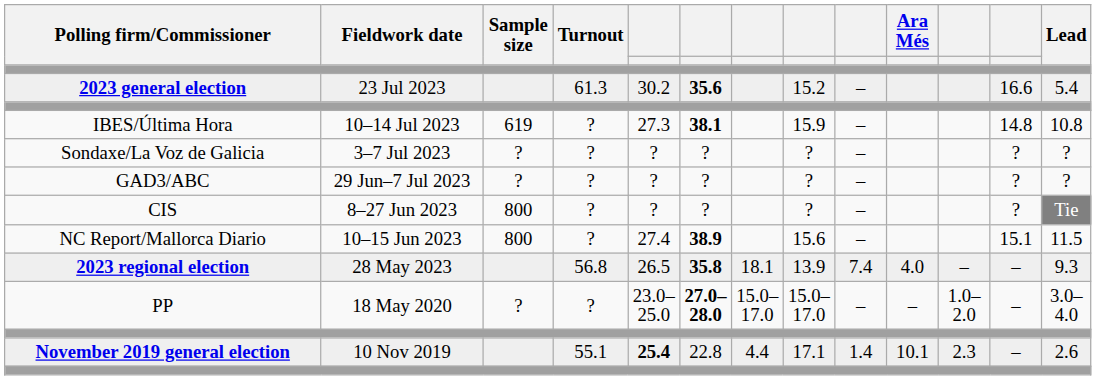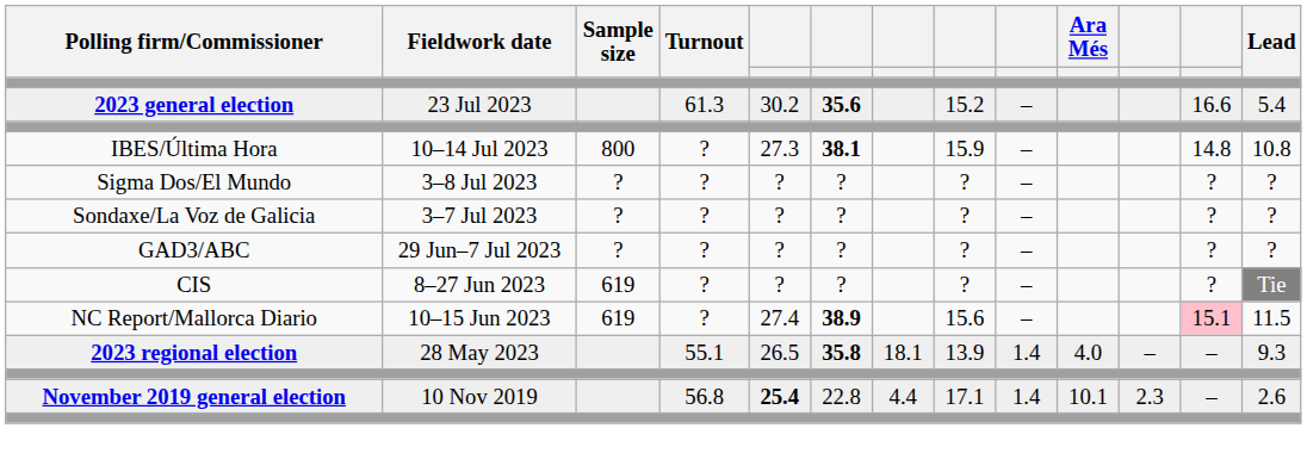 <table class="wikitable collapsible collapsed" style="text-align:center; font-size:95%; line-height:16px;">
 <tr style="height:42px;">
 <th style="width:250px;" rowspan="2">Polling firm/Commissioner</th>
 <th style="width:125px;" rowspan="2">Fieldwork date</th>
 <th style="width:50px;" rowspan="2">Sample size</th>
 <th style="width:45px;" rowspan="2">Turnout</th>
 <th style="width:35px;"></th>
 <th style="width:35px;"></th>
 <th style="width:35px;"></th>
 <th style="width:35px;"></th>
 <th style="width:35px;"></th>
 <th style="width:35px;"><a href='#'>Ara<br>Més</a></th>
 <th style="width:35px;"></th>
 <th style="width:35px;"></th>
 <th style="width:30px;" rowspan="2">Lead</th>
 </tr>
 <tr>
 <th style="color:inherit;background:"></th>
 <th style="color:inherit;background:"></th>
 <th style="color:inherit;background:"></th>
 <th style="color:inherit;background:"></th>
 <th style="color:inherit;background:"></th>
 <th style="color:inherit;background:"></th>
 <th style="color:inherit;background:"></th>
 <th style="color:inherit;background:"></th>
 </tr>
 <tr>
 <td colspan="13" style="background:#A0A0A0"></td>
 </tr>
 <tr style="background:#EFEFEF;">
 <td><strong><a href='#'>2023 general election</a></strong></td>
 <td>23 Jul 2023</td>
 <td></td>
 <td>61.3</td>
 <td>30.2<br></td>
 <td><strong>35.6</strong><br></td>
 <td></td>
 <td>15.2<br></td>
 <td>–</td>
 <td></td>
 <td></td>
 <td>16.6<br></td>
 <td style="background:">5.4</td>
 </tr>
 <tr>
 <td colspan="13" style="background:#A0A0A0"></td>
 </tr>
 <tr>
 <td>IBES/Última Hora</td>
 <td>10–14 Jul 2023</td>
-<td>619</td>
+<td>800</td>
 <td>?</td>
 <td>27.3<br></td>
 <td><strong>38.1</strong><br></td>
 <td></td>
 <td>15.9<br></td>
 <td>–</td>
 <td></td>
 <td></td>
 <td>14.8<br></td>
 <td style="background:">10.8</td>
+</tr>
+<tr>
+<td>Sigma Dos/El Mundo</td>
+<td>3–8 Jul 2023</td>
+<td>?</td>
+<td>?</td>
+<td>?<br></td>
+<td>?<br></td>
+<td></td>
+<td>?<br></td>
+<td>–</td>
+<td></td>
+<td></td>
+<td>?<br></td>
+<td style="background:">?</td>
 </tr>
 <tr>
 <td>Sondaxe/La Voz de Galicia</td>
 <td>3–7 Jul 2023</td>
 <td>?</td>
 <td>?</td>
 <td>?<br></td>
 <td>?<br></td>
 <td></td>
 <td>?<br></td>
 <td>–</td>
 <td></td>
 <td></td>
 <td>?<br></td>
 <td style="background:">?</td>
 </tr>
 <tr>
 <td>GAD3/ABC</td>
 <td>29 Jun–7 Jul 2023</td>
 <td>?</td>
 <td>?</td>
 <td>?<br></td>
 <td>?<br></td>
 <td></td>
 <td>?<br></td>
 <td>–</td>
 <td></td>
 <td></td>
 <td>?<br></td>
 <td style="background:">?</td>
 </tr>
 <tr>
 <td>CIS</td>
 <td>8–27 Jun 2023</td>
-<td>800</td>
+<td>619</td>
 <td>?</td>
 <td>?<br></td>
 <td>?<br></td>
 <td></td>
 <td>?<br></td>
 <td>–</td>
 <td></td>
 <td></td>
 <td>?<br></td>
 <td style="background:gray; color:white;">Tie</td>
 </tr>
 <tr>
 <td>NC Report/Mallorca Diario</td>
 <td>10–15 Jun 2023</td>
-<td>800</td>
+<td>619</td>
 <td>?</td>
 <td>27.4<br></td>
 <td><strong>38.9</strong><br></td>
 <td></td>
 <td>15.6<br></td>
 <td>–</td>
 <td></td>
 <td></td>
-<td>15.1<br></td>
+<td style="background: pink;">15.1<br></td>
 <td style="background:">11.5</td>
 </tr>
 <tr style="background:#EFEFEF;">
 <td><strong><a href='#'>2023 regional election</a></strong></td>
 <td>28 May 2023</td>
 <td></td>
-<td>56.8</td>
+<td>55.1</td>
 <td>26.5<br></td>
 <td><strong>35.8</strong><br></td>
 <td>18.1<br></td>
 <td>13.9<br></td>
-<td>7.4<br></td>
+<td>1.4<br></td>
 <td>4.0<br></td>
 <td>–</td>
 <td>–</td>
 <td style="background:">9.3</td>
-</tr>
-<tr>
-<td>PP</td>
-<td>18 May 2020</td>
-<td>?</td>
-<td>?</td>
-<td>23.0–<br>25.0</td>
-<td><strong>27.0–<br>28.0</strong></td>
-<td>15.0–<br>17.0</td>
-<td>15.0–<br>17.0</td>
-<td>–</td>
-<td>–</td>
-<td>1.0–<br>2.0</td>
-<td>–</td>
-<td style="background:">3.0–<br>4.0</td>
 </tr>
 <tr>
 <td colspan="13" style="background:#A0A0A0"></td>
 </tr>
 <tr style="background:#EFEFEF;">
 <td><strong><a href='#'>November 2019 general election</a></strong></td>
 <td>10 Nov 2019</td>
 <td></td>
-<td>55.1</td>
+<td>56.8</td>
 <td><strong>25.4</strong><br></td>
 <td>22.8<br></td>
 <td>4.4<br></td>
 <td>17.1<br></td>
 <td>1.4<br></td>
 <td>10.1<br></td>
 <td>2.3<br></td>
 <td>–</td>
 <td style="background:">2.6</td>
 </tr>
 <tr>
 <td colspan="13" style="background:#A0A0A0"></td>
 </tr>
 </table>
